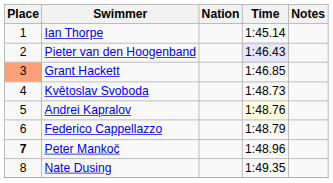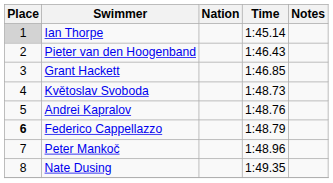 <table class="wikitable sortable" style="text-align:center">
 <tr>
 <th>Place</th>
 <th>Swimmer</th>
 <th>Nation</th>
 <th>Time</th>
 <th>Notes</th>
 </tr>
 <tr>
-<td>1</td>
+<td style="background: lightgrey;">1</td>
 <td align=left><a href='#'>Ian Thorpe</a></td>
 <td align=left></td>
 <td>1:45.14</td>
 <td></td>
 </tr>
 <tr>
 <td>2</td>
 <td align=left><a href='#'>Pieter van den Hoogenband</a></td>
 <td align=left></td>
-<td style="background: lavender;">1:46.43</td>
+<td>1:46.43</td>
 <td></td>
 </tr>
 <tr>
-<td style="background: lightsalmon;">3</td>
+<td>3</td>
 <td align=left><a href='#'>Grant Hackett</a></td>
 <td align=left></td>
 <td>1:46.85</td>
 <td></td>
 </tr>
 <tr>
 <td>4</td>
 <td align=left><a href='#'>Květoslav Svoboda</a></td>
 <td align=left></td>
 <td>1:48.73</td>
 <td></td>
 </tr>
 <tr>
 <td>5</td>
 <td align=left><a href='#'>Andrei Kapralov</a></td>
 <td align=left></td>
-<td style="background: lightyellow;">1:48.76</td>
+<td>1:48.76</td>
 <td></td>
 </tr>
 <tr>
-<td>6</td>
+<td><strong>6</strong></td>
 <td align=left><a href='#'>Federico Cappellazzo</a></td>
 <td align=left></td>
 <td>1:48.79</td>
 <td></td>
 </tr>
 <tr>
-<td><strong>7</strong></td>
+<td>7</td>
 <td align=left><a href='#'>Peter Mankoč</a></td>
 <td align=left></td>
 <td>1:48.96</td>
 <td></td>
 </tr>
 <tr>
 <td>8</td>
 <td align=left><a href='#'>Nate Dusing</a></td>
 <td align=left></td>
 <td>1:49.35</td>
 <td></td>
 </tr>
 <tr>
 </tr>
 </table>
